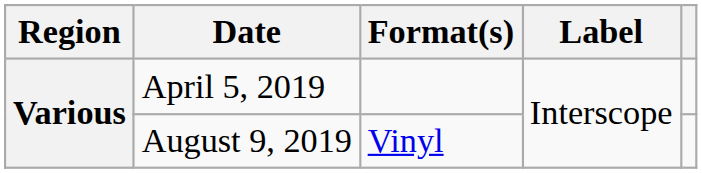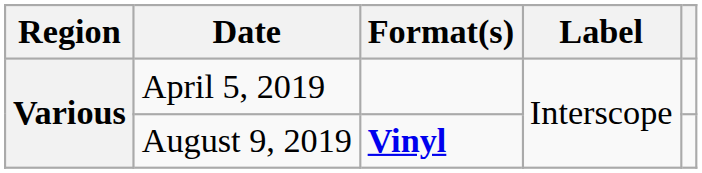 <table class="wikitable plainrowheaders">
 <tr>
 <th scope="col">Region</th>
 <th scope="col">Date</th>
 <th scope="col">Format(s)</th>
 <th scope="col">Label</th>
 <th scope="col"></th>
 </tr>
 <tr>
 <th rowspan="2" scope="row">Various</th>
 <td>April 5, 2019</td>
 <td></td>
 <td rowspan="2">Interscope</td>
 <td align="center"></td>
 </tr>
 <tr>
 <td>August 9, 2019</td>
-<td><a href='#'>Vinyl</a></td>
+<td><strong><a href='#'>Vinyl</a></strong></td>
 <td align="center"></td>
 </tr>
 </table>
